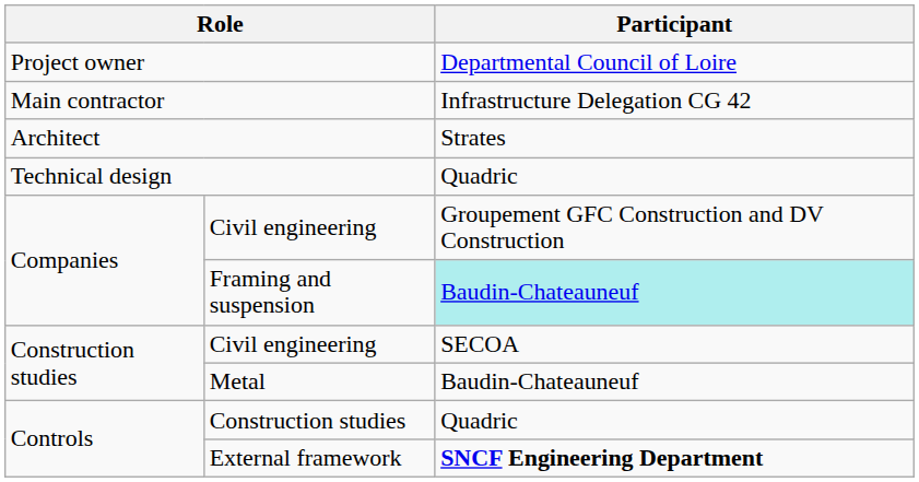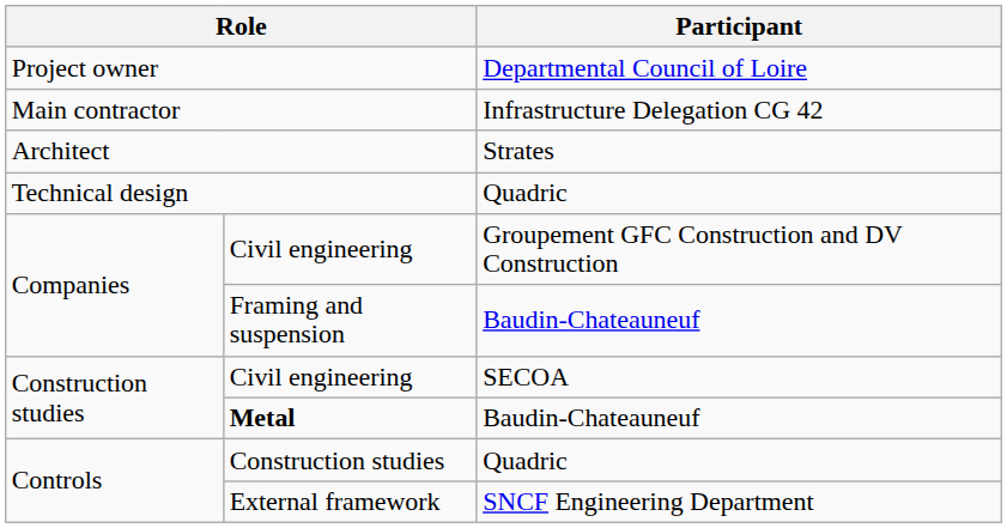 <table class="wikitable" summary="xxx">
 <tr>
 <th colspan="2" scope="col">Role</th>
 <th colspan="1" scope="col">Participant</th>
 </tr>
 <tr>
 <td colspan="2" scope="col">Project owner</td>
 <td><a href='#'>Departmental Council of Loire</a></td>
 </tr>
 <tr>
 <td colspan="2" scope="col">Main contractor</td>
 <td>Infrastructure Delegation CG 42</td>
 </tr>
 <tr>
 <td colspan="2" scope="col">Architect</td>
 <td>Strates</td>
 </tr>
 <tr>
 <td colspan="2" scope="col">Technical design</td>
 <td>Quadric</td>
 </tr>
 <tr>
 <td rowspan="2" scope="row">Companies</td>
 <td>Civil engineering</td>
 <td>Groupement GFC Construction and DV Construction</td>
 </tr>
 <tr>
 <td>Framing and suspension</td>
-<td style="background: paleturquoise;"><a href='#'>Baudin-Chateauneuf</a></td>
+<td><a href='#'>Baudin-Chateauneuf</a></td>
 </tr>
 <tr>
 <td rowspan="2" scope="row">Construction studies</td>
 <td>Civil engineering</td>
 <td>SECOA</td>
 </tr>
 <tr>
-<td>Metal</td>
+<td><strong>Metal</strong></td>
 <td>Baudin-Chateauneuf</td>
 </tr>
 <tr>
 <td rowspan="2" scope="row">Controls</td>
 <td>Construction studies</td>
 <td>Quadric</td>
 </tr>
 <tr>
 <td>External framework</td>
-<td><strong><a href='#'>SNCF</a> Engineering Department</strong></td>
+<td><a href='#'>SNCF</a> Engineering Department</td>
 </tr>
 </table>
